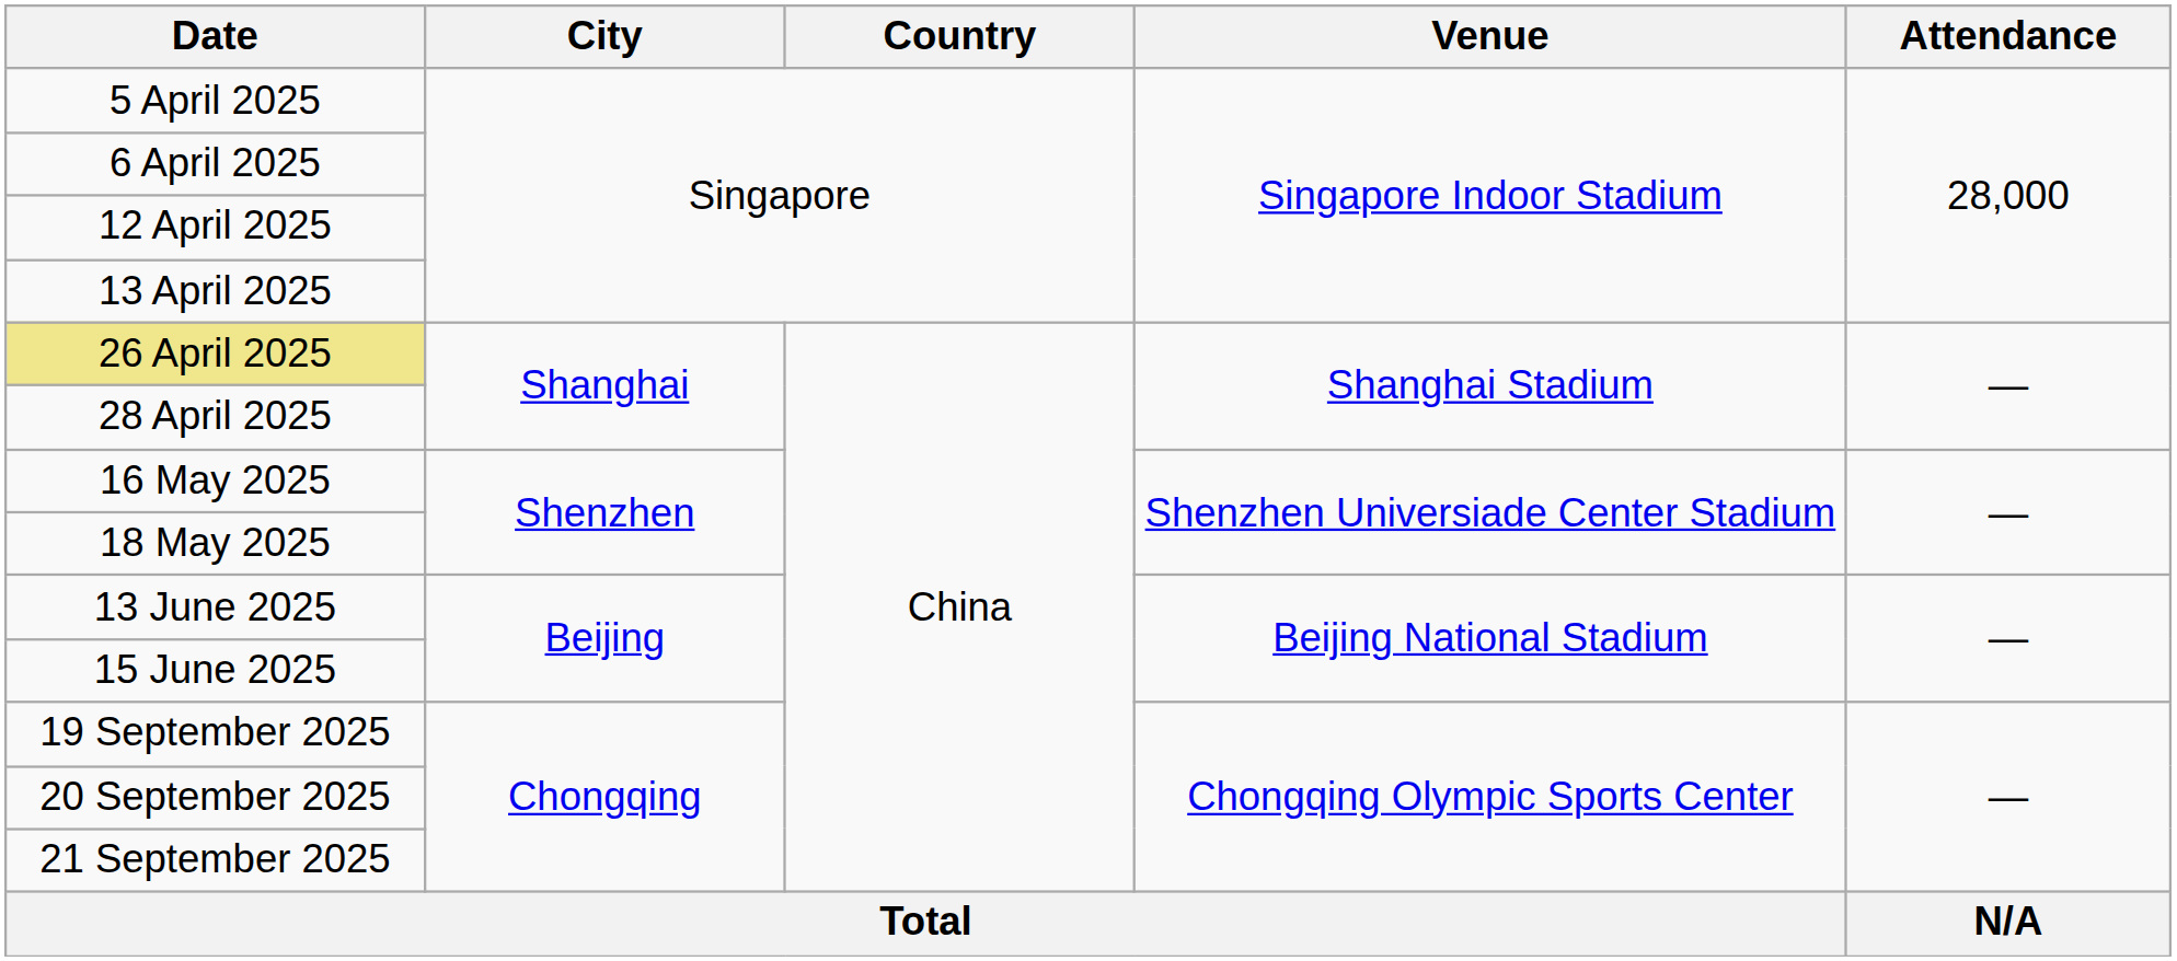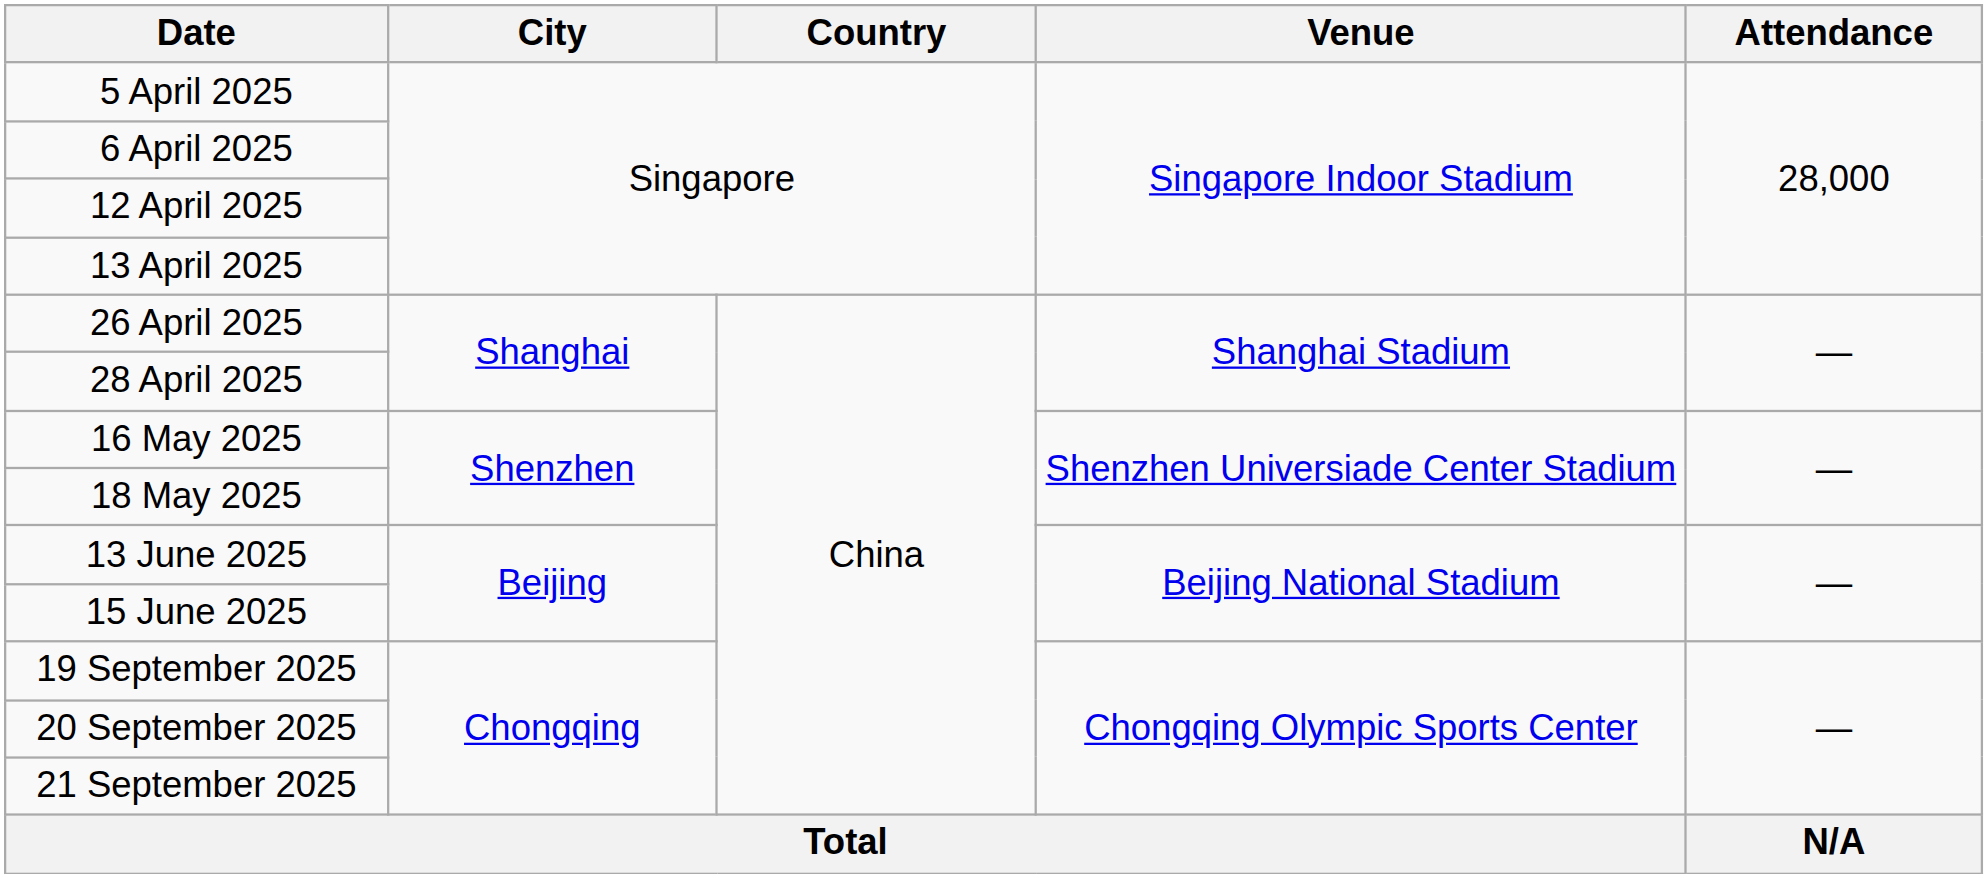 <table class="wikitable" style="text-align:center;">
 <tr>
 <th scope="col" style="width:12em">Date</th>
 <th scope="col" style="width:10em">City</th>
 <th scope="col" style="width:10em">Country</th>
 <th scope="col" style="width:22em">Venue</th>
 <th scope="col" style="width:8.5em;">Attendance</th>
 </tr>
 <tr>
 <td>5 April 2025</td>
 <td colspan="2" rowspan="4">Singapore</td>
 <td rowspan="4"><a href='#'>Singapore Indoor Stadium</a></td>
 <td rowspan="4">28,000</td>
 </tr>
 <tr>
 <td>6 April 2025</td>
 </tr>
 <tr>
 <td>12 April 2025</td>
 </tr>
 <tr>
 <td>13 April 2025</td>
 </tr>
 <tr>
-<td style="background: khaki;">26 April 2025</td>
+<td>26 April 2025</td>
 <td rowspan="2"><a href='#'>Shanghai</a></td>
 <td rowspan="9">China</td>
 <td rowspan="2"><a href='#'>Shanghai Stadium</a></td>
 <td rowspan="2">—</td>
 </tr>
 <tr>
 <td>28 April 2025</td>
 </tr>
 <tr>
 <td>16 May 2025</td>
 <td rowspan="2"><a href='#'>Shenzhen</a></td>
 <td rowspan="2"><a href='#'>Shenzhen Universiade Center Stadium</a></td>
 <td rowspan="2">—</td>
 </tr>
 <tr>
 <td>18 May 2025</td>
 </tr>
 <tr>
 <td>13 June 2025</td>
 <td rowspan="2"><a href='#'>Beijing</a></td>
 <td rowspan="2"><a href='#'>Beijing National Stadium</a></td>
 <td rowspan="2">—</td>
 </tr>
 <tr>
 <td>15 June 2025</td>
 </tr>
 <tr>
 <td>19 September 2025</td>
 <td rowspan="3"><a href='#'>Chongqing</a></td>
 <td rowspan="3"><a href='#'>Chongqing Olympic Sports Center</a></td>
 <td rowspan="3">—</td>
 </tr>
 <tr>
 <td>20 September 2025</td>
 </tr>
 <tr>
 <td>21 September 2025</td>
 </tr>
 <tr>
 <th colspan="4">Total</th>
 <th>N/A</th>
 </tr>
 </table>
